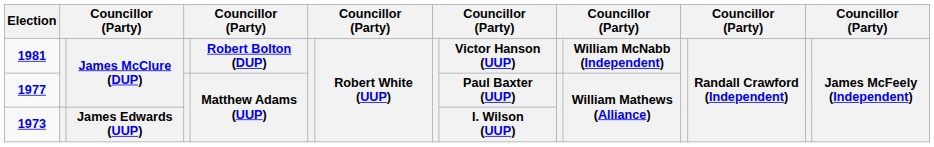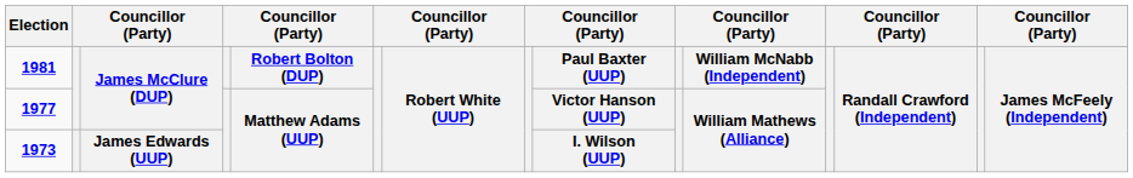 <table class="wikitable" style="text-align:center">
 <tr>
 <th scope="col" width="50">Election</th>
 <th scope="col" width="150" colspan = "2">Councillor<br> (Party)</th>
 <th scope="col" width="150" colspan = "2">Councillor<br> (Party)</th>
 <th scope="col" width="150" colspan = "2">Councillor<br> (Party)</th>
 <th scope="col" width="150" colspan = "2">Councillor<br> (Party)</th>
 <th scope="col" width="150" colspan = "2">Councillor<br> (Party)</th>
 <th scope="col" width="150" colspan = "2">Councillor<br> (Party)</th>
 <th scope="col" width="150" colspan = "2">Councillor<br> (Party)</th>
 </tr>
 <tr>
 <td><strong><a href='#'>1981</a></strong></td>
 <th rowspan="2" width="1" style="background-color: "></th>
 <th rowspan = "2"><a href='#'>James McClure</a> <br> (<a href='#'>DUP</a>)</th>
 <th rowspan="1" width="1" style="background-color: "></th>
 <th rowspan = "1"><a href='#'>Robert Bolton</a> <br> (<a href='#'>DUP</a>)</th>
 <th rowspan="3" width="1" style="background-color: "></th>
 <th rowspan = "3">Robert White <br> (<a href='#'>UUP</a>)</th>
 <th rowspan="3" width="1" style="background-color: "></th>
-<th rowspan = "1">Victor Hanson <br> (<a href='#'>UUP</a>)</th>
+<th rowspan = "1">Paul Baxter <br> (<a href='#'>UUP</a>)</th>
 <th rowspan="1" width="1" style="background-color: "></th>
 <th rowspan = "1">William McNabb <br> (<a href='#'>Independent</a>)</th>
 <th rowspan="3" width="1" style="background-color: "></th>
 <th rowspan = "3">Randall Crawford <br> (<a href='#'>Independent</a>)</th>
 <th rowspan="3" width="1" style="background-color: "></th>
 <th rowspan = "3">James McFeely <br> (<a href='#'>Independent</a>)</th>
 </tr>
 <tr>
 <td><strong><a href='#'>1977</a></strong></td>
 <th rowspan="2" width="1" style="background-color: "></th>
 <th rowspan = "2">Matthew Adams <br> (<a href='#'>UUP</a>)</th>
-<th rowspan = "1">Paul Baxter <br> (<a href='#'>UUP</a>)</th>
+<th rowspan = "1">Victor Hanson <br> (<a href='#'>UUP</a>)</th>
 <th rowspan="2" width="1" style="background-color: "></th>
 <th rowspan = "2">William Mathews <br> (<a href='#'>Alliance</a>)</th>
 </tr>
 <tr>
 <td><strong><a href='#'>1973</a></strong></td>
 <th rowspan="1" width="1" style="background-color: "></th>
 <th rowspan = "1">James Edwards <br> (<a href='#'>UUP</a>)</th>
 <th rowspan = "1">I. Wilson <br> (<a href='#'>UUP</a>)</th>
 </tr>
 </table>
